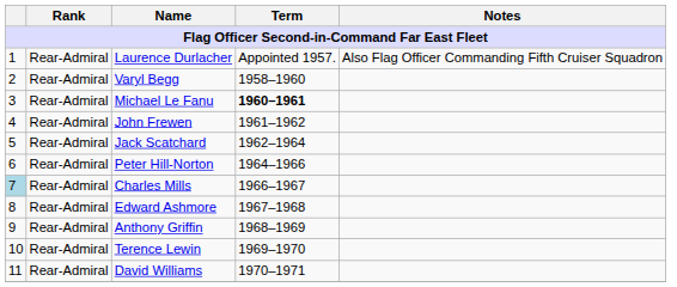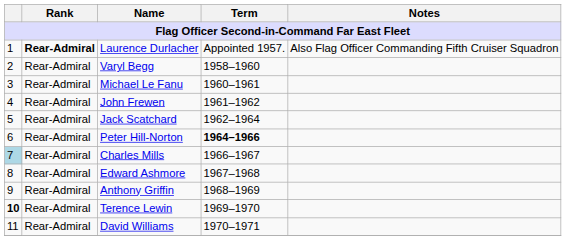 <table class="wikitable">
 <tr>
 <th></th>
 <th>Rank</th>
 <th>Name</th>
 <th>Term</th>
 <th>Notes</th>
 </tr>
 <tr>
 <td colspan="5" align="center" style="background:#dcdcfe;"><strong>Flag Officer Second-in-Command Far East Fleet</strong></td>
 </tr>
 <tr>
 <td>1</td>
-<td>Rear-Admiral</td>
+<td><strong>Rear-Admiral</strong></td>
 <td><a href='#'>Laurence Durlacher</a></td>
 <td>Appointed 1957.</td>
 <td>Also Flag Officer Commanding Fifth Cruiser Squadron</td>
 </tr>
 <tr>
 <td>2</td>
 <td>Rear-Admiral</td>
 <td><a href='#'>Varyl Begg</a></td>
 <td>1958–1960</td>
 <td></td>
 </tr>
 <tr>
 <td>3</td>
 <td>Rear-Admiral</td>
 <td><a href='#'>Michael Le Fanu</a></td>
-<td><strong>1960–1961</strong></td>
+<td>1960–1961</td>
 <td></td>
 </tr>
 <tr>
 <td>4</td>
 <td>Rear-Admiral</td>
 <td><a href='#'>John Frewen</a></td>
 <td>1961–1962</td>
 <td></td>
 </tr>
 <tr>
 <td>5</td>
 <td>Rear-Admiral</td>
 <td><a href='#'>Jack Scatchard</a></td>
 <td>1962–1964</td>
 <td></td>
 </tr>
 <tr>
 <td>6</td>
 <td>Rear-Admiral</td>
 <td><a href='#'>Peter Hill-Norton</a></td>
-<td>1964–1966</td>
+<td><strong>1964–1966</strong></td>
 <td></td>
 </tr>
 <tr>
 <td style="background: lightblue;">7</td>
 <td>Rear-Admiral</td>
 <td><a href='#'>Charles Mills</a></td>
 <td>1966–1967</td>
 <td></td>
 </tr>
 <tr>
 <td>8</td>
 <td>Rear-Admiral</td>
 <td><a href='#'>Edward Ashmore</a></td>
 <td>1967–1968</td>
 <td></td>
 </tr>
 <tr>
 <td>9</td>
 <td>Rear-Admiral</td>
 <td><a href='#'>Anthony Griffin</a></td>
 <td>1968–1969</td>
 <td></td>
 </tr>
 <tr>
-<td>10</td>
+<td><strong>10</strong></td>
 <td>Rear-Admiral</td>
 <td><a href='#'>Terence Lewin</a></td>
 <td>1969–1970</td>
 <td></td>
 </tr>
 <tr>
 <td>11</td>
 <td>Rear-Admiral</td>
 <td><a href='#'>David Williams</a></td>
 <td>1970–1971</td>
 <td></td>
 </tr>
 <tr>
 </tr>
 </table>
